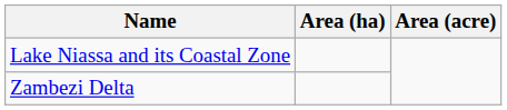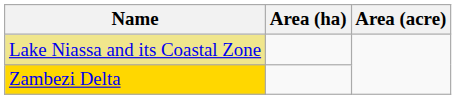 <table class="wikitable sortable">
 <tr>
 <th scope="col" align=left>Name</th>
 <th scope="col">Area (ha)</th>
 <th scope="col">Area (acre)</th>
 </tr>
 <tr ---->
-<td><a href='#'>Lake Niassa and its Coastal Zone </a></td>
+<td style="background: khaki;"><a href='#'>Lake Niassa and its Coastal Zone </a></td>
 <td></td>
 </tr>
 <tr ---->
-<td><a href='#'>Zambezi Delta</a></td>
+<td style="background: gold;"><a href='#'>Zambezi Delta</a></td>
 <td></td>
 </tr>
 </table>
